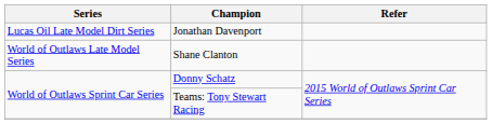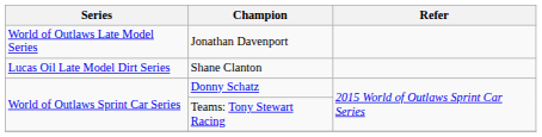 <table class="wikitable" style="font-size:87%;">
 <tr>
 <th>Series</th>
 <th>Champion</th>
 <th>Refer</th>
 </tr>
 <tr>
-<td><a href='#'>Lucas Oil Late Model Dirt Series</a></td>
+<td><a href='#'>World of Outlaws Late Model Series</a></td>
 <td> Jonathan Davenport</td>
 <td></td>
 </tr>
 <tr>
-<td><a href='#'>World of Outlaws Late Model Series</a></td>
+<td><a href='#'>Lucas Oil Late Model Dirt Series</a></td>
 <td> Shane Clanton</td>
 <td></td>
 </tr>
 <tr>
 <td rowspan=2><a href='#'>World of Outlaws Sprint Car Series</a></td>
 <td> <a href='#'>Donny Schatz</a></td>
 <td rowspan=2><em><a href='#'>2015 World of Outlaws Sprint Car Series</a></em></td>
 </tr>
 <tr>
 <td>Teams:  <a href='#'>Tony Stewart Racing</a></td>
 </tr>
 <tr>
 </tr>
 </table>
